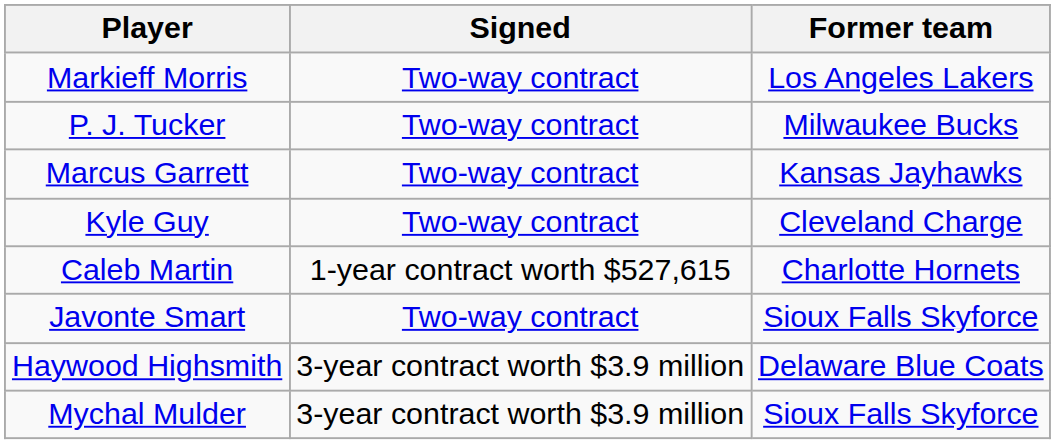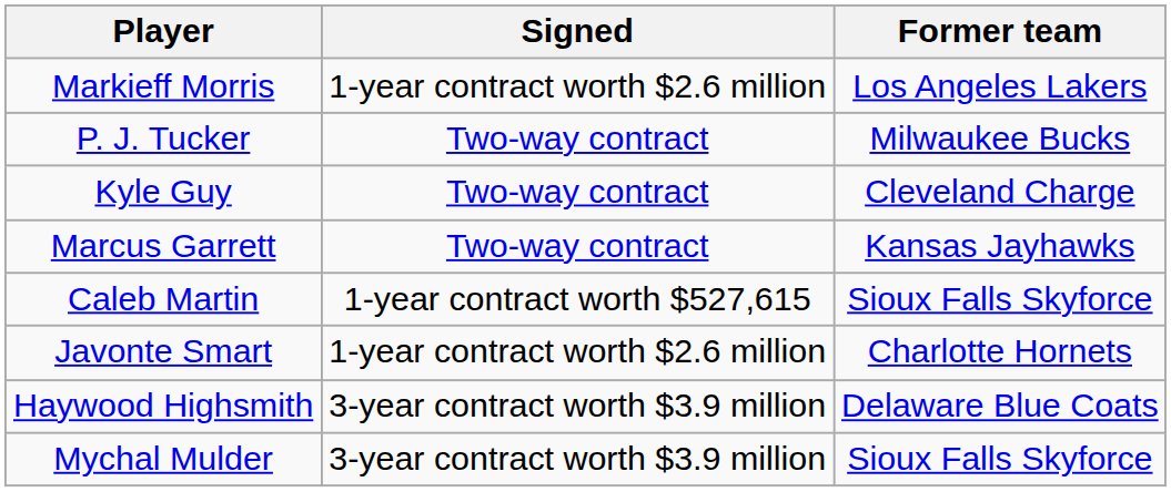 <table class="wikitable sortable sortable" style="text-align: center">
 <tr>
 <th>Player</th>
 <th>Signed</th>
 <th>Former team</th>
 </tr>
 <tr style="text-align: center">
 <td><a href='#'>Markieff Morris</a></td>
-<td><a href='#'>Two-way contract</a></td>
+<td>1-year contract worth $2.6 million</td>
 <td><a href='#'>Los Angeles Lakers</a></td>
 </tr>
 <tr style="text-align: center">
 <td><a href='#'>P. J. Tucker</a></td>
 <td><a href='#'>Two-way contract</a></td>
 <td><a href='#'>Milwaukee Bucks</a></td>
 </tr>
 <tr style="text-align: center">
+<td><a href='#'>Kyle Guy</a></td>
+<td><a href='#'>Two-way contract</a></td>
+<td><a href='#'>Cleveland Charge</a></td>
+</tr>
+<tr style="text-align: center">
 <td><a href='#'>Marcus Garrett</a></td>
 <td><a href='#'>Two-way contract</a></td>
 <td><a href='#'>Kansas Jayhawks</a></td>
 </tr>
 <tr style="text-align: center">
-<td><a href='#'>Kyle Guy</a></td>
-<td><a href='#'>Two-way contract</a></td>
-<td><a href='#'>Cleveland Charge</a></td>
-</tr>
-<tr style="text-align: center">
 <td><a href='#'>Caleb Martin</a></td>
 <td>1-year contract worth $527,615</td>
-<td><a href='#'>Charlotte Hornets</a></td>
+<td><a href='#'>Sioux Falls Skyforce</a></td>
 </tr>
 <tr style="text-align: center">
 <td><a href='#'>Javonte Smart</a></td>
-<td><a href='#'>Two-way contract</a></td>
-<td><a href='#'>Sioux Falls Skyforce</a></td>
+<td>1-year contract worth $2.6 million</td>
+<td><a href='#'>Charlotte Hornets</a></td>
 </tr>
 <tr style="text-align: center">
 <td><a href='#'>Haywood Highsmith</a></td>
 <td>3-year contract worth $3.9 million</td>
 <td><a href='#'>Delaware Blue Coats</a></td>
 </tr>
 <tr style="text-align: center">
 <td><a href='#'>Mychal Mulder</a></td>
 <td>3-year contract worth $3.9 million</td>
 <td><a href='#'>Sioux Falls Skyforce</a></td>
 </tr>
 </table>
